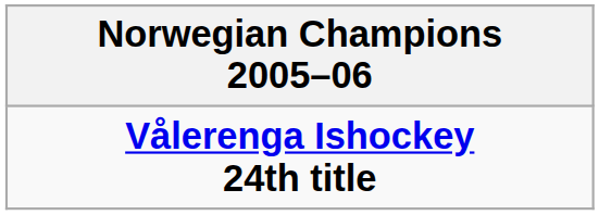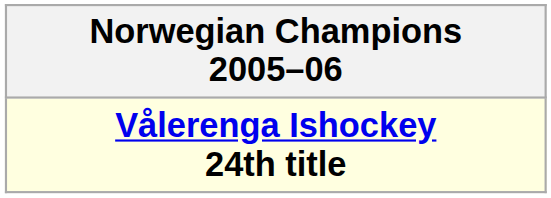 <table class="wikitable" style="text-align: center; margin: 0 auto; width: 20%">
 <tr>
 <th>Norwegian Champions<br>2005–06</th>
 </tr>
 <tr>
-<td><strong><a href='#'>Vålerenga Ishockey</a></strong><br><strong>24th title</strong></td>
+<td style="background: lightyellow;"><strong><a href='#'>Vålerenga Ishockey</a></strong><br><strong>24th title</strong></td>
 </tr>
 </table>
